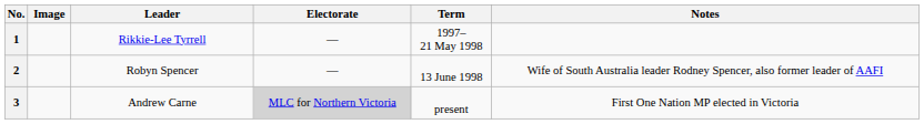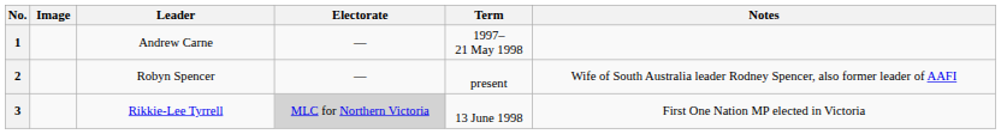 <table class="wikitable" style="text-align:center">
 <tr>
 <th width=2%>No.</th>
 <th>Image</th>
 <th style="width:20%;">Leader</th>
 <th>Electorate</th>
 <th>Term</th>
 <th>Notes</th>
 </tr>
 <tr>
 <th style="background:">1</th>
 <td></td>
-<td><a href='#'>Rikkie-Lee Tyrrell</a></td>
+<td>Andrew Carne</td>
 <td>—</td>
 <td>1997–<br>21 May 1998</td>
 <td></td>
 </tr>
 <tr>
 <th style="background:">2</th>
 <td></td>
 <td>Robyn Spencer</td>
 <td>—</td>
-<td><br>13 June 1998</td>
+<td><br>present</td>
 <td>Wife of South Australia leader Rodney Spencer, also former leader of <a href='#'>AAFI</a></td>
 </tr>
 <tr>
 <th style="background:">3</th>
 <td></td>
-<td>Andrew Carne</td>
+<td><a href='#'>Rikkie-Lee Tyrrell</a></td>
 <td style="background: lightgrey;"><a href='#'>MLC</a> for <a href='#'>Northern Victoria</a> <br></td>
-<td><br>present</td>
+<td><br>13 June 1998</td>
 <td>First One Nation MP elected in Victoria</td>
 </tr>
 </table>
